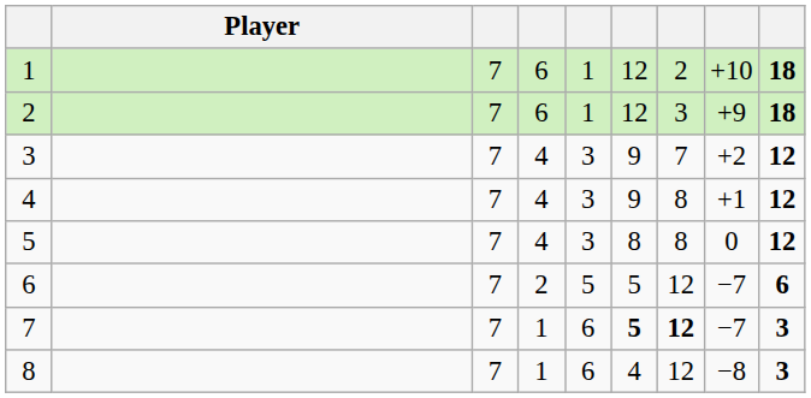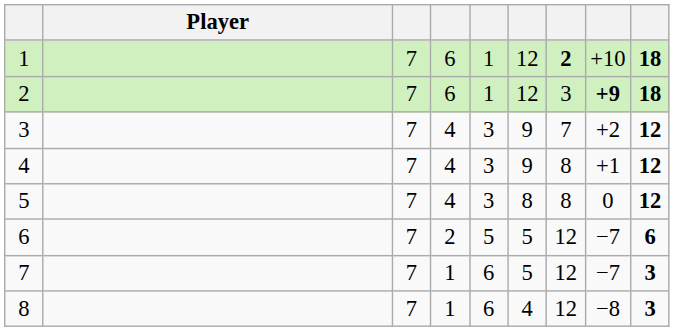 <table class="wikitable" style="text-align:center; margin: 1em auto 1em auto, align:left">
 <tr>
 <th width=20></th>
 <th width=240>Player</th>
 <th width=20></th>
 <th width=20></th>
 <th width=20></th>
 <th width=20></th>
 <th width=20></th>
 <th width=20></th>
 <th width=20></th>
 </tr>
 <tr style="background:#D0F0C0;">
 <td>1</td>
 <td align=left></td>
 <td>7</td>
 <td>6</td>
 <td>1</td>
 <td>12</td>
-<td>2</td>
+<td><strong>2</strong></td>
 <td>+10</td>
 <td><strong>18</strong></td>
 </tr>
 <tr style="background:#D0F0C0;">
 <td>2</td>
 <td align=left></td>
 <td>7</td>
 <td>6</td>
 <td>1</td>
 <td>12</td>
 <td>3</td>
-<td>+9</td>
+<td><strong>+9</strong></td>
 <td><strong>18</strong></td>
 </tr>
 <tr style=>
 <td>3</td>
 <td align=left></td>
 <td>7</td>
 <td>4</td>
 <td>3</td>
 <td>9</td>
 <td>7</td>
 <td>+2</td>
 <td><strong>12</strong></td>
 </tr>
 <tr style=>
 <td>4</td>
 <td align=left></td>
 <td>7</td>
 <td>4</td>
 <td>3</td>
 <td>9</td>
 <td>8</td>
 <td>+1</td>
 <td><strong>12</strong></td>
 </tr>
 <tr style=>
 <td>5</td>
 <td align=left></td>
 <td>7</td>
 <td>4</td>
 <td>3</td>
 <td>8</td>
 <td>8</td>
 <td>0</td>
 <td><strong>12</strong></td>
 </tr>
 <tr style=>
 <td>6</td>
 <td align=left></td>
 <td>7</td>
 <td>2</td>
 <td>5</td>
 <td>5</td>
 <td>12</td>
 <td>−7</td>
 <td><strong>6</strong></td>
 </tr>
 <tr style=>
 <td>7</td>
 <td align=left></td>
 <td>7</td>
 <td>1</td>
 <td>6</td>
-<td><strong>5</strong></td>
-<td><strong>12</strong></td>
+<td>5</td>
+<td>12</td>
 <td>−7</td>
 <td><strong>3</strong></td>
 </tr>
 <tr style=>
 <td>8</td>
 <td align=left></td>
 <td>7</td>
 <td>1</td>
 <td>6</td>
 <td>4</td>
 <td>12</td>
 <td>−8</td>
 <td><strong>3</strong></td>
 </tr>
 </table>
